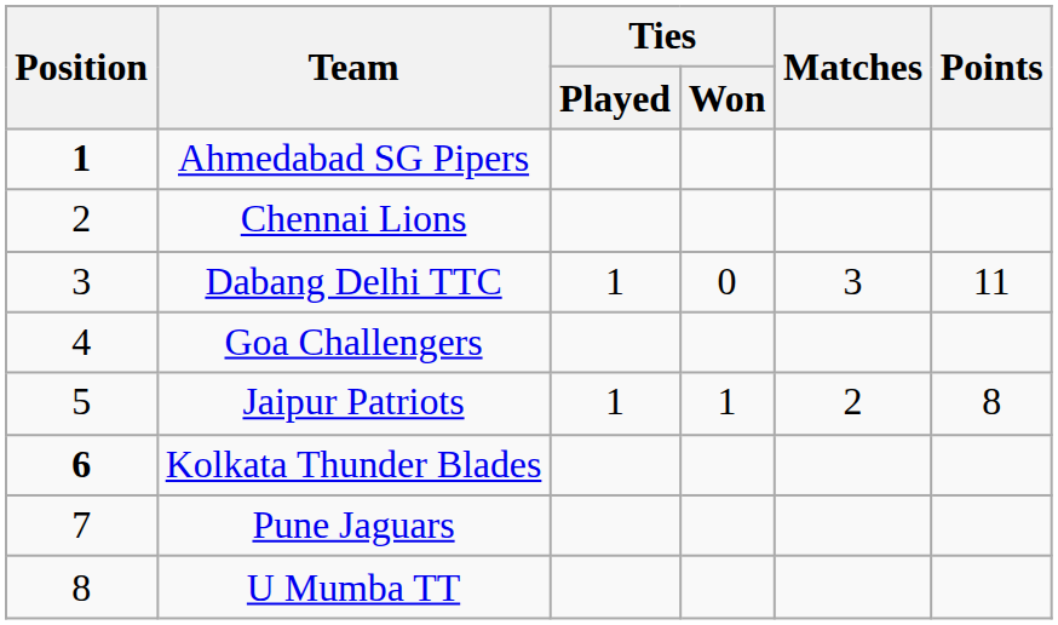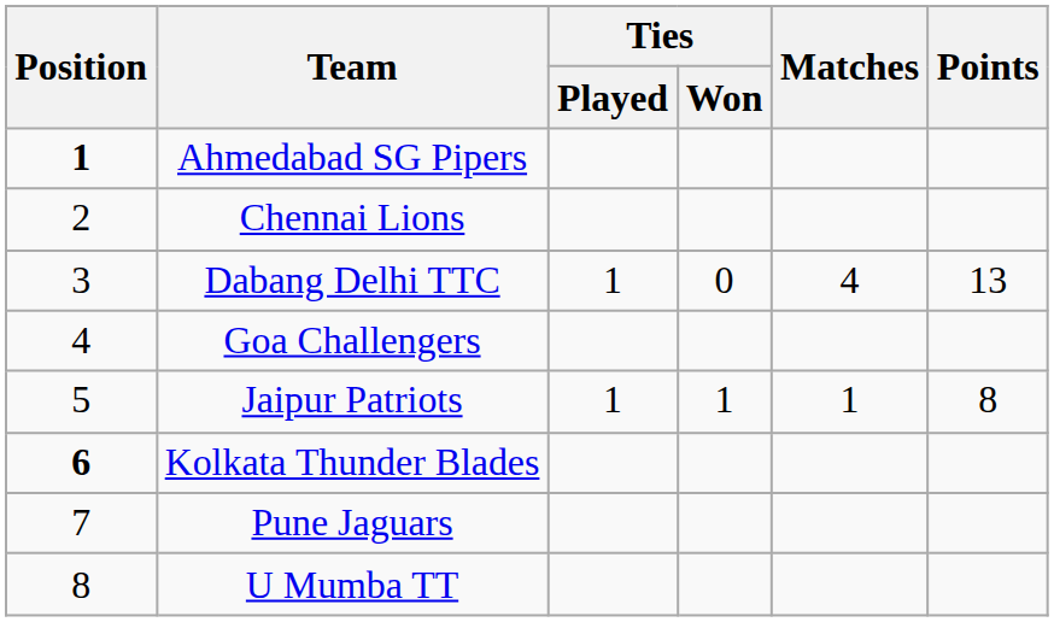 <table class="wikitable sortable" style="text-align:center;">
 <tr>
 <th rowspan=2>Position</th>
 <th rowspan=2>Team</th>
 <th colspan=2>Ties</th>
 <th rowspan=2>Matches</th>
 <th rowspan=2>Points</th>
 </tr>
 <tr>
 <th>Played</th>
 <th>Won</th>
 </tr>
 <tr>
 <td><strong>1</strong></td>
 <td><a href='#'>Ahmedabad SG Pipers</a></td>
 <td></td>
 <td></td>
 <td></td>
 <td></td>
 </tr>
 <tr>
 <td>2</td>
 <td><a href='#'>Chennai Lions</a></td>
 <td></td>
 <td></td>
 <td></td>
 <td></td>
 </tr>
 <tr>
 <td>3</td>
 <td><a href='#'>Dabang Delhi TTC</a></td>
 <td>1</td>
 <td>0</td>
-<td>3</td>
-<td>11</td>
+<td>4</td>
+<td>13</td>
 </tr>
 <tr>
 <td>4</td>
 <td><a href='#'>Goa Challengers</a></td>
 <td></td>
 <td></td>
 <td></td>
 <td></td>
 </tr>
 <tr>
 <td>5</td>
 <td><a href='#'>Jaipur Patriots</a></td>
 <td>1</td>
 <td>1</td>
-<td>2</td>
+<td>1</td>
 <td>8</td>
 </tr>
 <tr>
 <td><strong>6</strong></td>
 <td><a href='#'>Kolkata Thunder Blades</a></td>
 <td></td>
 <td></td>
 <td></td>
 <td></td>
 </tr>
 <tr>
 <td>7</td>
 <td><a href='#'>Pune Jaguars</a></td>
 <td></td>
 <td></td>
 <td></td>
 <td></td>
 </tr>
 <tr>
 <td>8</td>
 <td><a href='#'>U Mumba TT</a></td>
 <td></td>
 <td></td>
 <td></td>
 <td></td>
 </tr>
 </table>
